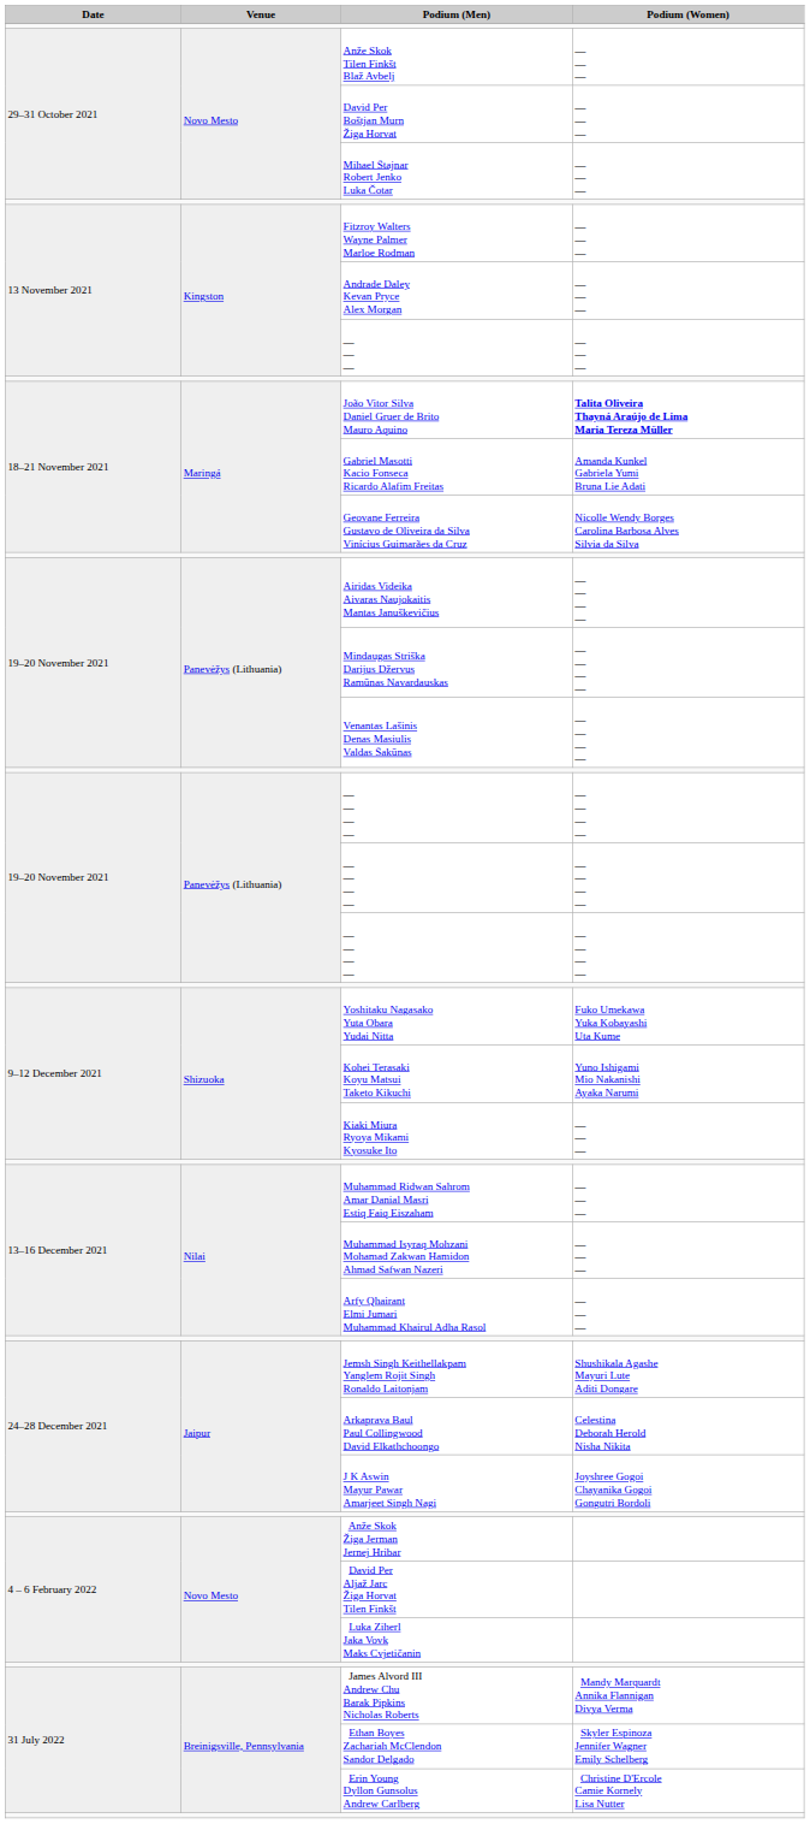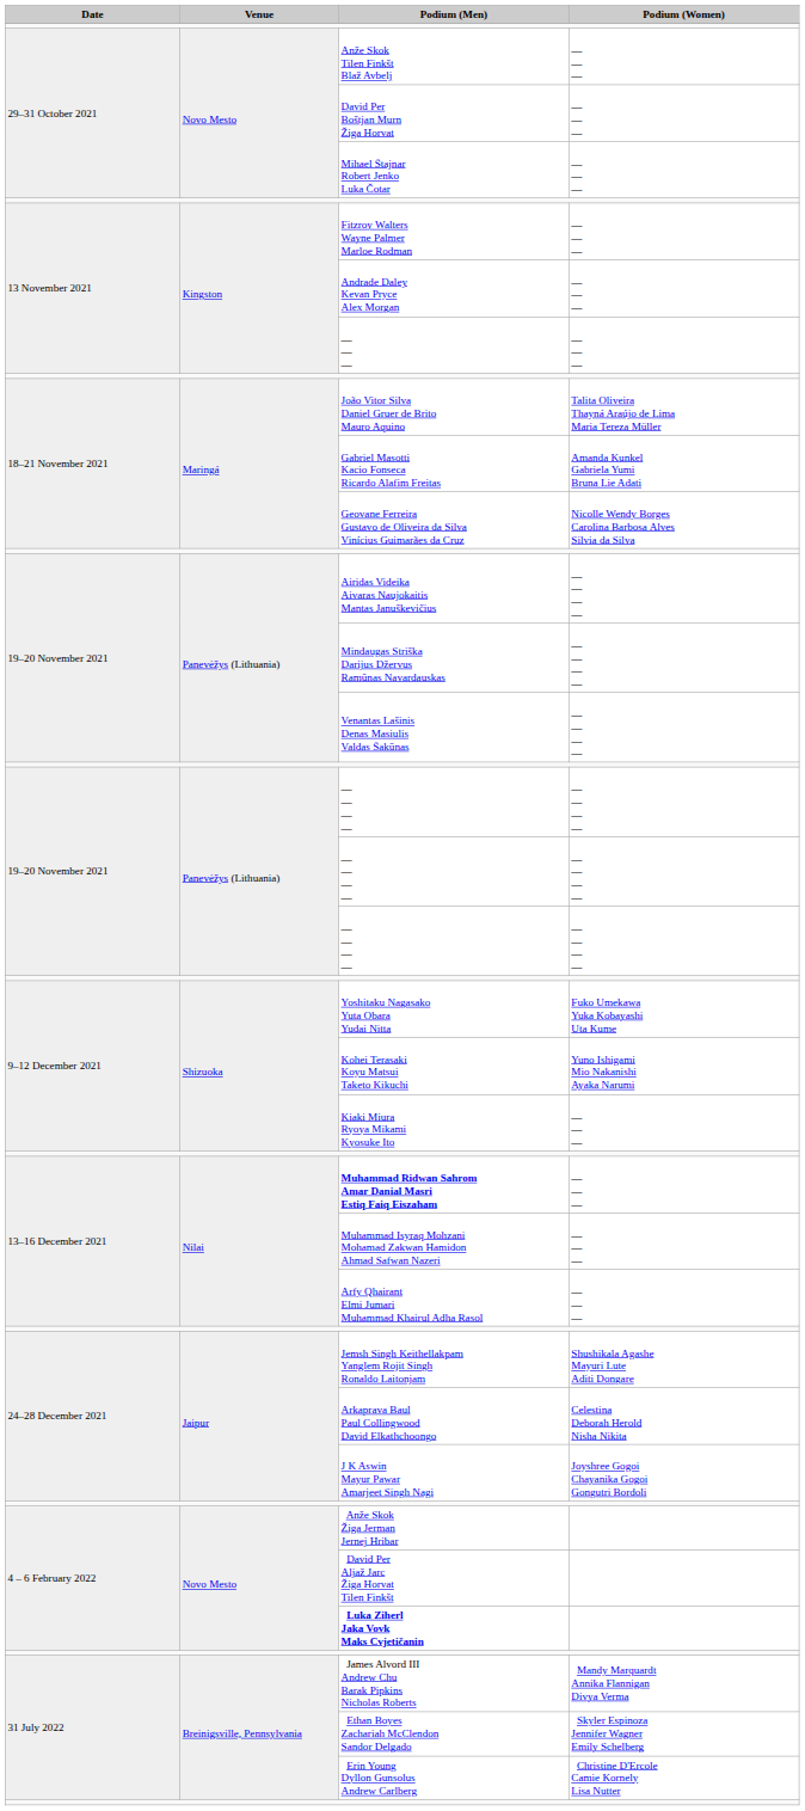 <table class="wikitable" width=70% bgcolor="#f7f8ff" cellpadding="3" cellspacing="0" border="1" style="font-size: 95%; border: gray solid 1px; border-collapse: collapse;">
 <tr bgcolor="#CCCCCC">
 <td align="center"><strong>Date</strong></td>
 <td width=20% align="center"><strong>Venue</strong></td>
 <td width=29% align="center"><strong>Podium (Men)</strong></td>
 <td width=29% align="center"><strong>Podium (Women)</strong></td>
 </tr>
 <tr bgcolor="#EFEFEF">
 </tr>
 <tr>
 <td colspan=4></td>
 </tr>
 <tr bgcolor="#EFEFEF">
 <td rowspan=3>29–31 October 2021</td>
 <td rowspan=3><br><a href='#'>Novo Mesto</a></td>
 <td bgcolor="#ffffff">   <br><a href='#'>Anže Skok</a><br><a href='#'>Tilen Finkšt</a><br><a href='#'>Blaž Avbelj</a></td>
 <td bgcolor="#ffffff">   <br>—<br>—<br>—</td>
 </tr>
 <tr>
 <td bgcolor="#ffffff">   <br><a href='#'>David Per</a><br><a href='#'>Boštjan Murn</a><br><a href='#'>Žiga Horvat</a></td>
 <td bgcolor="#ffffff">   <br>—<br>—<br>—</td>
 </tr>
 <tr>
 <td bgcolor="#ffffff">   <br><a href='#'>Mihael Štajnar</a><br><a href='#'>Robert Jenko</a><br><a href='#'>Luka Čotar</a></td>
 <td bgcolor="#ffffff">   <br>—<br>—<br>—</td>
 </tr>
 <tr>
 <td colspan=4></td>
 </tr>
 <tr bgcolor="#EFEFEF">
 <td rowspan=3>13 November 2021</td>
 <td rowspan=3><br><a href='#'>Kingston</a></td>
 <td bgcolor="#ffffff">   <br><a href='#'>Fitzroy Walters</a><br><a href='#'>Wayne Palmer</a><br><a href='#'>Marloe Rodman</a></td>
 <td bgcolor="#ffffff">   <br>—<br>—<br>—</td>
 </tr>
 <tr>
 <td bgcolor="#ffffff">   <br><a href='#'>Andrade Daley</a><br><a href='#'>Kevan Pryce</a><br><a href='#'>Alex Morgan</a></td>
 <td bgcolor="#ffffff">   <br>—<br>—<br>—</td>
 </tr>
 <tr>
 <td bgcolor="#ffffff">   <br>—<br>—<br>—</td>
 <td bgcolor="#ffffff">   <br>—<br>—<br>—</td>
 </tr>
 <tr>
 <td colspan=4></td>
 </tr>
 <tr bgcolor="#EFEFEF">
 <td rowspan=3>18–21 November 2021</td>
 <td rowspan=3><br><a href='#'>Maringá</a></td>
 <td bgcolor="#ffffff">   <br><a href='#'>João Vitor Silva</a><br><a href='#'>Daniel Gruer de Brito</a><br><a href='#'>Mauro Aquino</a></td>
-<td bgcolor="#ffffff"><strong>   <br><a href='#'>Talita Oliveira</a><br><a href='#'>Thayná Araújo de Lima</a><br><a href='#'>Maria Tereza Müller</a></strong></td>
+<td bgcolor="#ffffff">   <br><a href='#'>Talita Oliveira</a><br><a href='#'>Thayná Araújo de Lima</a><br><a href='#'>Maria Tereza Müller</a></td>
 </tr>
 <tr>
 <td bgcolor="#ffffff">   <br><a href='#'>Gabriel Masotti</a><br><a href='#'>Kacio Fonseca</a><br><a href='#'>Ricardo Alafim Freitas</a></td>
 <td bgcolor="#ffffff">   <br><a href='#'>Amanda Kunkel</a><br><a href='#'>Gabriela Yumi</a><br><a href='#'>Bruna Lie Adati</a></td>
 </tr>
 <tr>
 <td bgcolor="#ffffff">   <br><a href='#'>Geovane Ferreira</a><br><a href='#'>Gustavo de Oliveira da Silva</a><br><a href='#'>Vinícius Guimarães da Cruz</a></td>
 <td bgcolor="#ffffff">   <br><a href='#'>Nicolle Wendy Borges</a><br><a href='#'>Carolina Barbosa Alves</a><br><a href='#'>Silvia da Silva</a></td>
 </tr>
 <tr>
 <td colspan=4></td>
 </tr>
 <tr bgcolor="#EFEFEF">
 <td rowspan=3>19–20 November 2021</td>
 <td rowspan=3><br><a href='#'>Panevėžys</a> (Lithuania)</td>
 <td bgcolor="#ffffff">   <br><a href='#'>Airidas Videika</a><br><a href='#'>Aivaras Naujokaitis</a><br><a href='#'>Mantas Januškevičius</a></td>
 <td bgcolor="#ffffff">   <br>—<br>—<br>—<br>—</td>
 </tr>
 <tr>
 <td bgcolor="#ffffff">   <br><a href='#'>Mindaugas Striška</a><br><a href='#'>Darijus Džervus</a><br><a href='#'>Ramūnas Navardauskas</a></td>
 <td bgcolor="#ffffff">   <br>—<br>—<br>—<br>—</td>
 </tr>
 <tr>
 <td bgcolor="#ffffff">   <br><a href='#'>Venantas Lašinis</a><br><a href='#'>Denas Masiulis</a><br><a href='#'>Valdas Šakūnas</a></td>
 <td bgcolor="#ffffff">   <br>—<br>—<br>—<br>—</td>
 </tr>
 <tr>
 <td colspan=4></td>
 </tr>
 <tr bgcolor="#EFEFEF">
 <td rowspan=3>19–20 November 2021</td>
 <td rowspan=3><br><a href='#'>Panevėžys</a> (Lithuania)</td>
 <td bgcolor="#ffffff">   <br>—<br>—<br>—<br>—</td>
 <td bgcolor="#ffffff">   <br>—<br>—<br>—<br>—</td>
 </tr>
 <tr>
 <td bgcolor="#ffffff">   <br>—<br>—<br>—<br>—</td>
 <td bgcolor="#ffffff">   <br>—<br>—<br>—<br>—</td>
 </tr>
 <tr>
 <td bgcolor="#ffffff">   <br>—<br>—<br>—<br>—</td>
 <td bgcolor="#ffffff">   <br>—<br>—<br>—<br>—</td>
 </tr>
 <tr>
 <td colspan=4></td>
 </tr>
 <tr bgcolor="#EFEFEF">
 <td rowspan=3>9–12 December 2021</td>
 <td rowspan=3><br><a href='#'>Shizuoka</a></td>
 <td bgcolor="#ffffff">   <br><a href='#'>Yoshitaku Nagasako</a><br><a href='#'>Yuta Obara</a><br><a href='#'>Yudai Nitta</a></td>
 <td bgcolor="#ffffff">   <br><a href='#'>Fuko Umekawa</a><br><a href='#'>Yuka Kobayashi</a><br><a href='#'>Uta Kume</a></td>
 </tr>
 <tr>
 <td bgcolor="#ffffff">   <br><a href='#'>Kohei Terasaki</a><br><a href='#'>Koyu Matsui</a><br><a href='#'>Taketo Kikuchi</a></td>
 <td bgcolor="#ffffff">   <br><a href='#'>Yuno Ishigami</a><br><a href='#'>Mio Nakanishi</a><br><a href='#'>Ayaka Narumi</a></td>
 </tr>
 <tr>
 <td bgcolor="#ffffff">   <br><a href='#'>Kiaki Miura</a><br><a href='#'>Ryoya Mikami</a><br><a href='#'>Kyosuke Ito</a></td>
 <td bgcolor="#ffffff">   <br>—<br>—<br>—</td>
 </tr>
 <tr>
 <td colspan=4></td>
 </tr>
 <tr bgcolor="#EFEFEF">
 <td rowspan=3>13–16 December 2021</td>
 <td rowspan=3><br><a href='#'>Nilai</a></td>
-<td bgcolor="#ffffff">   <br><a href='#'>Muhammad Ridwan Sahrom</a><br><a href='#'>Amar Danial Masri</a><br><a href='#'>Estiq Faiq Eiszaham</a></td>
+<td bgcolor="#ffffff"><strong>   <br><a href='#'>Muhammad Ridwan Sahrom</a><br><a href='#'>Amar Danial Masri</a><br><a href='#'>Estiq Faiq Eiszaham</a></strong></td>
 <td bgcolor="#ffffff">   <br>—<br>—<br>—</td>
 </tr>
 <tr>
 <td bgcolor="#ffffff">   <br><a href='#'>Muhammad Isyraq Mohzani</a><br><a href='#'>Mohamad Zakwan Hamidon</a><br><a href='#'>Ahmad Safwan Nazeri</a></td>
 <td bgcolor="#ffffff">   <br>—<br>—<br>—</td>
 </tr>
 <tr>
 <td bgcolor="#ffffff">   <br><a href='#'>Arfy Qhairant</a><br><a href='#'>Elmi Jumari</a><br><a href='#'>Muhammad Khairul Adha Rasol</a></td>
 <td bgcolor="#ffffff">   <br>—<br>—<br>—</td>
 </tr>
 <tr>
 <td colspan=4></td>
 </tr>
 <tr bgcolor="#EFEFEF">
 <td rowspan=3>24–28 December 2021</td>
 <td rowspan=3><br><a href='#'>Jaipur</a></td>
 <td bgcolor="#ffffff">   <br><a href='#'>Jemsh Singh Keithellakpam</a><br><a href='#'>Yanglem Rojit Singh</a><br><a href='#'>Ronaldo Laitonjam</a></td>
 <td bgcolor="#ffffff">   <br><a href='#'>Shushikala Agashe</a><br><a href='#'>Mayuri Lute</a><br><a href='#'>Aditi Dongare</a></td>
 </tr>
 <tr>
 <td bgcolor="#ffffff">   <br><a href='#'>Arkaprava Baul</a><br><a href='#'>Paul Collingwood</a><br><a href='#'>David Elkathchoongo</a></td>
 <td bgcolor="#ffffff">   <br><a href='#'>Celestina</a><br><a href='#'>Deborah Herold</a><br><a href='#'>Nisha Nikita</a></td>
 </tr>
 <tr>
 <td bgcolor="#ffffff">   <br><a href='#'>J K Aswin</a><br><a href='#'>Mayur Pawar</a><br><a href='#'>Amarjeet Singh Nagi</a></td>
 <td bgcolor="#ffffff">   <br><a href='#'>Joyshree Gogoi</a><br><a href='#'>Chayanika Gogoi</a><br><a href='#'>Gongutri Bordoli</a></td>
 </tr>
 <tr>
 <td colspan=4></td>
 </tr>
 <tr bgcolor="#EFEFEF">
 <td rowspan=3>4 – 6 February 2022</td>
 <td rowspan=3><br><a href='#'>Novo Mesto</a></td>
 <td bgcolor="#ffffff">   <a href='#'>Anže Skok</a><br><a href='#'>Žiga Jerman</a><br><a href='#'>Jernej Hribar</a></td>
 <td bgcolor="#ffffff">   <a href='#'></a></td>
 </tr>
 <tr>
 <td bgcolor="#ffffff">   <a href='#'>David Per</a><br><a href='#'>Aljaž Jarc</a><br><a href='#'>Žiga Horvat</a><br><a href='#'>Tilen Finkšt</a></td>
 <td bgcolor="#ffffff">   <a href='#'></a></td>
 </tr>
 <tr>
-<td bgcolor="#ffffff">   <a href='#'>Luka Ziherl</a><br><a href='#'>Jaka Vovk</a><br><a href='#'>Maks Cvjetičanin</a></td>
+<td bgcolor="#ffffff"><strong>   <a href='#'>Luka Ziherl</a><br><a href='#'>Jaka Vovk</a><br><a href='#'>Maks Cvjetičanin</a></strong></td>
 <td bgcolor="#ffffff">   <a href='#'></a></td>
 </tr>
 <tr>
 <td colspan=4></td>
 </tr>
 <tr bgcolor="#EFEFEF">
 <td rowspan="3">31 July 2022</td>
 <td rowspan="3"><br><a href='#'>Breinigsville, Pennsylvania</a></td>
 <td bgcolor="#ffffff">   James Alvord III<br><a href='#'>Andrew Chu</a><br><a href='#'>Barak Pipkins</a><br><a href='#'>Nicholas Roberts</a></td>
 <td bgcolor="#ffffff">   <a href='#'>Mandy Marquardt</a><br><a href='#'>Annika Flannigan</a><br><a href='#'>Divya Verma</a></td>
 </tr>
 <tr>
 <td bgcolor="#ffffff">   <a href='#'>Ethan Boyes</a><br><a href='#'>Zachariah McClendon</a><br><a href='#'>Sandor Delgado</a></td>
 <td bgcolor="#ffffff">   <a href='#'>Skyler Espinoza</a><br><a href='#'>Jennifer Wagner</a><br><a href='#'>Emily Schelberg</a></td>
 </tr>
 <tr>
 <td bgcolor="#ffffff">   <a href='#'>Erin Young</a><br><a href='#'>Dyllon Gunsolus</a><br><a href='#'>Andrew Carlberg</a></td>
 <td bgcolor="#ffffff">   <a href='#'>Christine D'Ercole</a><br><a href='#'>Camie Kornely</a><br><a href='#'>Lisa Nutter</a></td>
 </tr>
 <tr>
 <td colspan=4></td>
 </tr>
 </table>
